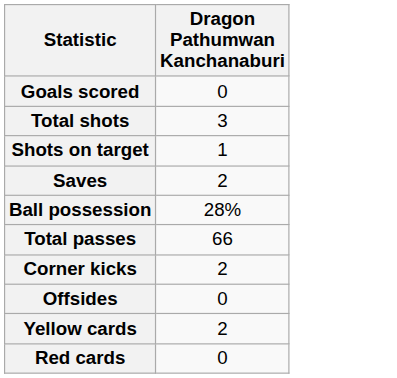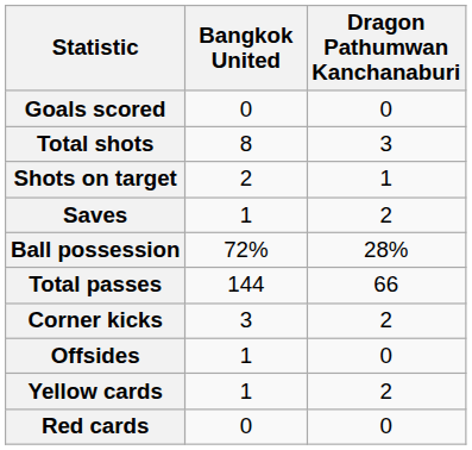 <table class="wikitable plainrowheaders" style="text-align:center">
 <tr>
 <th scope="col">Statistic</th>
+<th scope="col" style="width:80px">Bangkok United</th>
 <th scope="col" style="width:80px">Dragon Pathumwan Kanchanaburi</th>
 </tr>
 <tr>
 <th scope=row>Goals scored</th>
 <td>0</td>
+<td>0</td>
 </tr>
 <tr>
 <th scope=row>Total shots</th>
+<td>8</td>
 <td>3</td>
 </tr>
 <tr>
 <th scope=row>Shots on target</th>
+<td>2</td>
 <td>1</td>
 </tr>
 <tr>
 <th scope=row>Saves</th>
+<td>1</td>
 <td>2</td>
 </tr>
 <tr>
 <th scope=row>Ball possession</th>
+<td>72%</td>
 <td>28%</td>
 </tr>
 <tr>
 <th scope=row>Total passes</th>
+<td>144</td>
 <td>66</td>
 </tr>
 <tr>
 <th scope=row>Corner kicks</th>
+<td>3</td>
 <td>2</td>
 </tr>
 <tr>
 <th scope=row>Offsides</th>
+<td>1</td>
 <td>0</td>
 </tr>
 <tr>
 <th scope=row>Yellow cards</th>
+<td>1</td>
 <td>2</td>
 </tr>
 <tr>
 <th scope=row>Red cards</th>
 <td>0</td>
+<td>0</td>
 </tr>
 </table>
